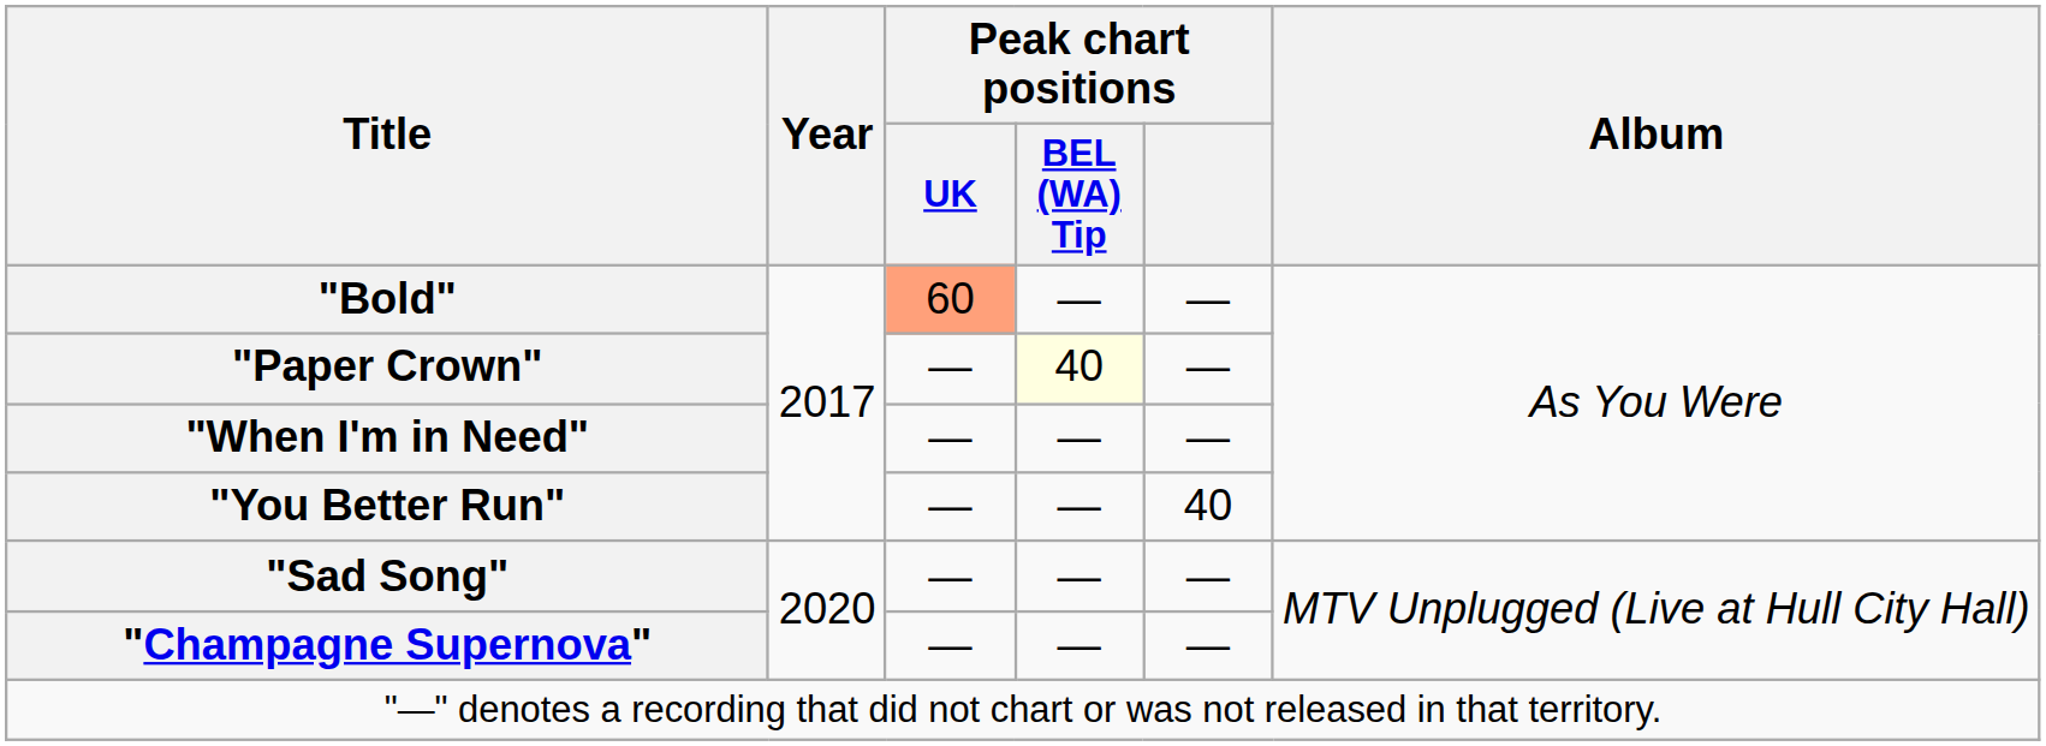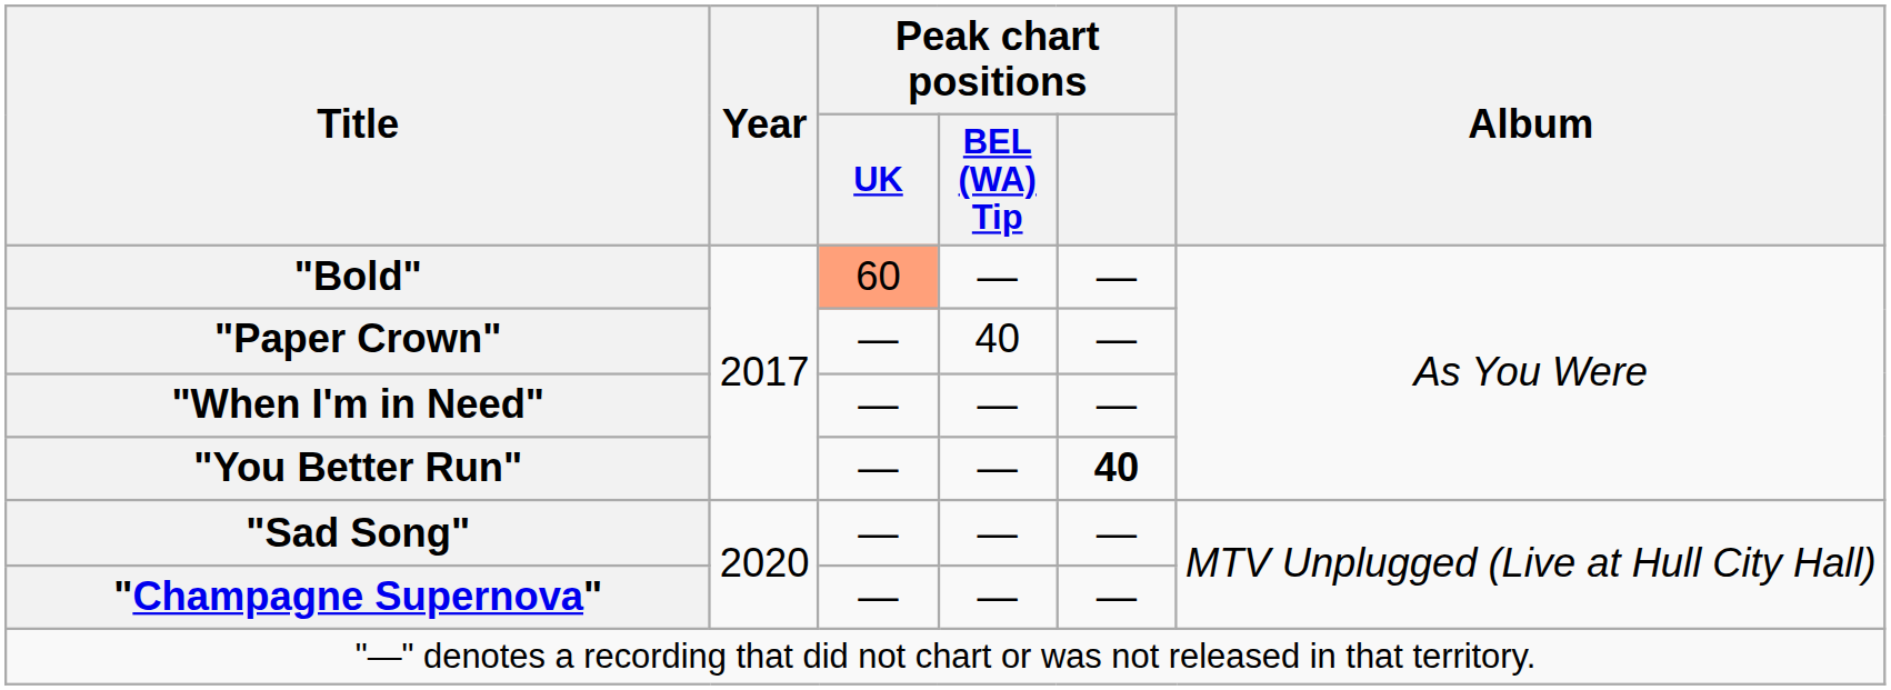 <table class="wikitable plainrowheaders" style="text-align:center;">
 <tr>
 <th scope="col" rowspan="2" style="width:17em;">Title</th>
 <th scope="col" rowspan="2" style="width:1em;">Year</th>
 <th scope="col" colspan="3">Peak chart positions</th>
 <th scope="col" rowspan="2">Album</th>
 </tr>
 <tr>
 <th scope="col" style="width:3em;font-size:85%;"><a href='#'>UK</a><br></th>
 <th scope="col" style="width:3em;font-size:85%;"><a href='#'>BEL<br>(WA)<br>Tip</a><br></th>
 <th scope="col" style="width:3em;font-size:85%;"><a href='#'></a><br></th>
 </tr>
 <tr>
 <th scope="row">"Bold"</th>
 <td rowspan="4">2017</td>
 <td style="background: lightsalmon;">60</td>
 <td>—</td>
 <td>—</td>
 <td rowspan="4"><em>As You Were</em></td>
 </tr>
 <tr>
 <th scope="row">"Paper Crown"</th>
 <td>—</td>
-<td style="background: lightyellow;">40</td>
+<td>40</td>
 <td>—</td>
 </tr>
 <tr>
 <th scope="row">"When I'm in Need"</th>
 <td>—</td>
 <td>—</td>
 <td>—</td>
 </tr>
 <tr>
 <th scope="row">"You Better Run"</th>
 <td>—</td>
 <td>—</td>
-<td>40</td>
+<td><strong>40</strong></td>
 </tr>
 <tr>
 <th scope="row">"Sad Song"</th>
 <td rowspan="2">2020</td>
 <td>—</td>
 <td>—</td>
 <td>—</td>
 <td rowspan="2"><em>MTV Unplugged (Live at Hull City Hall)</em></td>
 </tr>
 <tr>
 <th scope="row">"<a href='#'>Champagne Supernova</a>"</th>
 <td>—</td>
 <td>—</td>
 <td>—</td>
 </tr>
 <tr>
 <td colspan="6" style="font-size:85%">"—" denotes a recording that did not chart or was not released in that territory.</td>
 </tr>
 </table>
